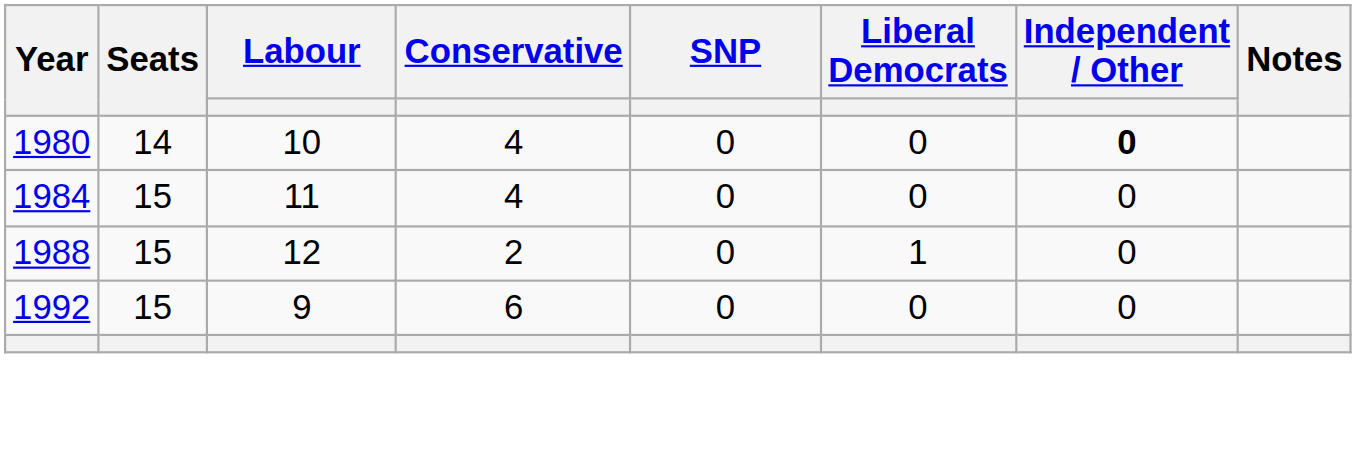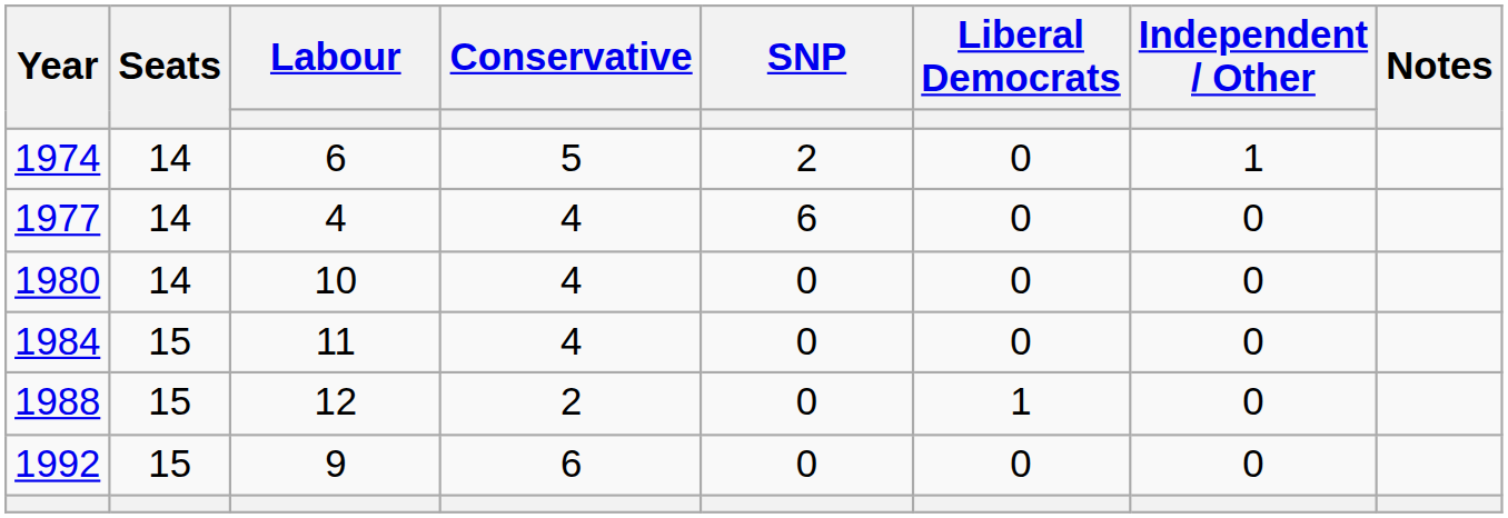 <table class="wikitable" style=text-align:center>
 <tr>
 <th rowspan=2><strong>Year</strong></th>
 <th rowspan=2><strong>Seats</strong></th>
 <th width="80"><a href='#'><strong>Labour</strong></a></th>
 <th width="80"><strong><a href='#'>Conservative</a></strong></th>
 <th width="80"><strong><a href='#'>SNP</a></strong></th>
 <th width="80"><a href='#'><strong>Liberal Democrats</strong></a></th>
 <th width="80"><a href='#'><strong>Independent / Other</strong></a></th>
 <th rowspan=2><strong>Notes</strong></th>
 </tr>
 <tr>
 <th style="background-color: "></th>
 <th style="background-color: "></th>
 <th style="background-color: "></th>
 <th style="background-color: "></th>
 <th style="background-color: "></th>
 </tr>
 <tr>
+<td><a href='#'>1974</a></td>
+<td>14</td>
+<td>6</td>
+<td>5</td>
+<td>2</td>
+<td>0</td>
+<td>1</td>
+<td align=left></td>
+</tr>
+<tr>
+<td><a href='#'>1977</a></td>
+<td>14</td>
+<td>4</td>
+<td>4</td>
+<td>6</td>
+<td>0</td>
+<td>0</td>
+<td align=left></td>
+</tr>
+<tr>
 <td><a href='#'>1980</a></td>
 <td>14</td>
 <td>10</td>
 <td>4</td>
 <td>0</td>
 <td>0</td>
-<td><strong>0</strong></td>
+<td>0</td>
 <td align=left></td>
 </tr>
 <tr>
 <td><a href='#'>1984</a></td>
 <td>15</td>
 <td>11</td>
 <td>4</td>
 <td>0</td>
 <td>0</td>
 <td>0</td>
 <td align=left></td>
 </tr>
 <tr>
 <td><a href='#'>1988</a></td>
 <td>15</td>
 <td>12</td>
 <td>2</td>
 <td>0</td>
 <td>1</td>
 <td>0</td>
 <td align=left></td>
 </tr>
 <tr>
 <td><a href='#'>1992</a></td>
 <td>15</td>
 <td>9</td>
 <td>6</td>
 <td>0</td>
 <td>0</td>
 <td>0</td>
 <td align=left></td>
 </tr>
 <tr>
 <th></th>
 <th></th>
 <th style="background-color: "></th>
 <th style="background-color: "></th>
 <th style="background-color: "></th>
 <th style="background-color: "></th>
 <th style="background-color: "></th>
 <th></th>
 </tr>
 </table>
